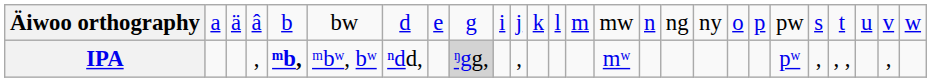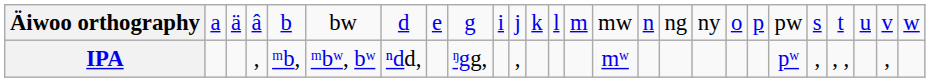 <table class="wikitable" style="text-align: center;">
 <tr>
 <th>Äiwoo orthography</th>
 <td><a href='#'>a</a></td>
 <td><a href='#'>ä</a></td>
 <td><a href='#'>â</a></td>
 <td><a href='#'>b</a></td>
 <td>bw</td>
 <td><a href='#'>d</a></td>
 <td><a href='#'>e</a></td>
 <td><a href='#'>g</a></td>
 <td><a href='#'>i</a></td>
 <td><a href='#'>j</a></td>
 <td><a href='#'>k</a></td>
 <td><a href='#'>l</a></td>
 <td><a href='#'>m</a></td>
 <td>mw</td>
 <td><a href='#'>n</a></td>
 <td>ng</td>
 <td>ny</td>
 <td><a href='#'>o</a></td>
 <td><a href='#'>p</a></td>
 <td>pw</td>
 <td><a href='#'>s</a></td>
 <td><a href='#'>t</a></td>
 <td><a href='#'>u</a></td>
 <td><a href='#'>v</a></td>
 <td><a href='#'>w</a></td>
 </tr>
 <tr>
 <th><a href='#'>IPA</a></th>
 <td></td>
 <td></td>
 <td>, </td>
-<td><strong><a href='#'>ᵐb</a>, </strong></td>
+<td><a href='#'>ᵐb</a>, </td>
 <td><a href='#'>ᵐbʷ</a>, <a href='#'>bʷ</a></td>
 <td><a href='#'>ⁿd</a>d, </td>
 <td></td>
-<td style="background: lightgrey;"><a href='#'>ᵑg</a>g, </td>
+<td><a href='#'>ᵑg</a>g, </td>
 <td></td>
 <td>, </td>
 <td></td>
 <td></td>
 <td></td>
 <td><a href='#'>mʷ</a></td>
 <td></td>
 <td></td>
 <td></td>
 <td></td>
 <td></td>
 <td><a href='#'>pʷ</a></td>
 <td>, </td>
 <td>, , </td>
 <td></td>
 <td>, </td>
 <td></td>
 </tr>
 </table>
